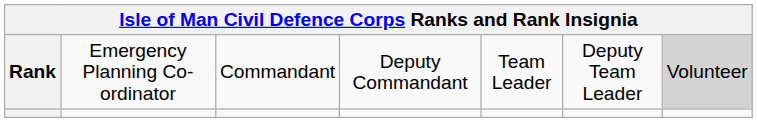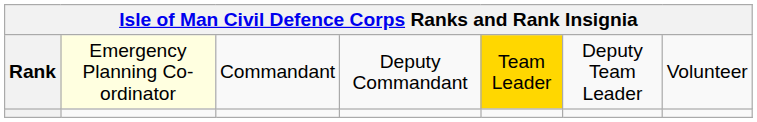 <table class="wikitable" width=100% style="text-align: center;">
 <tr>
 <th colspan=10><a href='#'>Isle of Man Civil Defence Corps</a> Ranks and Rank Insignia</th>
 </tr>
 <tr>
 <th>Rank</th>
-<td>Emergency Planning Co-ordinator</td>
+<td style="background: lightyellow;">Emergency Planning Co-ordinator</td>
 <td>Commandant</td>
 <td>Deputy Commandant</td>
-<td>Team Leader</td>
+<td style="background: gold;">Team Leader</td>
 <td>Deputy Team Leader</td>
-<td style="background: lightgrey;">Volunteer</td>
+<td>Volunteer</td>
 </tr>
 <tr>
 <th></th>
 <td></td>
 <td></td>
 <td></td>
 <td></td>
 <td></td>
 <td></td>
 </tr>
 </table>
